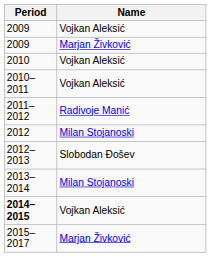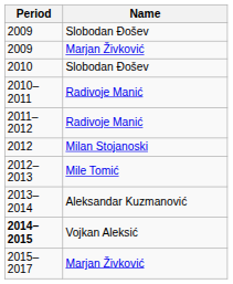 <table class=wikitable style="display:inline-table;">
 <tr>
 <th width="75">Period</th>
 <th width="225">Name</th>
 </tr>
 <tr>
 <td>2009</td>
-<td> Vojkan Aleksić</td>
+<td> Slobodan Đošev</td>
 </tr>
 <tr>
 <td>2009</td>
 <td> <a href='#'>Marjan Živković</a></td>
 </tr>
 <tr>
 <td>2010</td>
-<td> Vojkan Aleksić</td>
+<td> Slobodan Đošev</td>
 </tr>
 <tr>
 <td>2010–2011</td>
-<td> Vojkan Aleksić</td>
+<td> <a href='#'>Radivoje Manić</a></td>
 </tr>
 <tr>
 <td>2011–2012</td>
 <td> <a href='#'>Radivoje Manić</a></td>
 </tr>
 <tr>
 <td>2012</td>
 <td> <a href='#'>Milan Stojanoski</a></td>
 </tr>
 <tr>
 <td>2012–2013</td>
-<td> Slobodan Đošev</td>
+<td> <a href='#'>Mile Tomić</a></td>
 </tr>
 <tr>
 <td>2013–2014</td>
-<td> <a href='#'>Milan Stojanoski</a></td>
+<td> Aleksandar Kuzmanović</td>
 </tr>
 <tr>
 <td><strong>2014–2015</strong></td>
 <td> Vojkan Aleksić</td>
 </tr>
 <tr>
 <td>2015–2017</td>
 <td> <a href='#'>Marjan Živković</a></td>
 </tr>
 </table>
